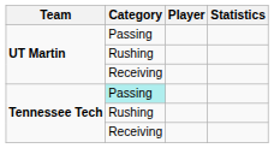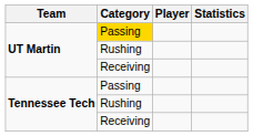 <table class="wikitable" style="float: right;">
 <tr>
 <th>Team</th>
 <th>Category</th>
 <th>Player</th>
 <th>Statistics</th>
 </tr>
 <tr>
 <td rowspan=3><strong>UT Martin</strong></td>
-<td>Passing</td>
+<td style="background: gold;">Passing</td>
 <td></td>
 <td></td>
 </tr>
 <tr>
 <td>Rushing</td>
 <td></td>
 <td></td>
 </tr>
 <tr>
 <td>Receiving</td>
 <td></td>
 <td></td>
 </tr>
 <tr>
 <td rowspan=3><strong>Tennessee Tech</strong></td>
-<td style="background: paleturquoise;">Passing</td>
+<td>Passing</td>
 <td></td>
 <td></td>
 </tr>
 <tr>
 <td>Rushing</td>
 <td></td>
 <td></td>
 </tr>
 <tr>
 <td>Receiving</td>
 <td></td>
 <td></td>
 </tr>
 </table>
